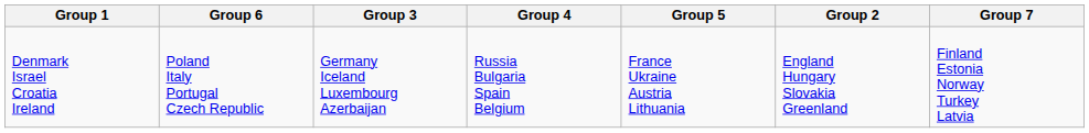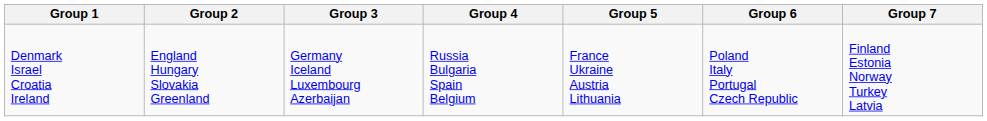 <table class="wikitable" width=98%>
 <tr>
 <th width=12%>Group 1</th>
-<th width=12%>Group 6</th>
+<th width=12%>Group 2</th>
 <th width=12%>Group 3</th>
 <th width=12%>Group 4</th>
 <th width=12%>Group 5</th>
-<th width=12%>Group 2</th>
+<th width=12%>Group 6</th>
 <th width=12%>Group 7</th>
 </tr>
 <tr>
 <td><br> <a href='#'>Denmark</a> <br>  <a href='#'>Israel</a> <br>  <a href='#'>Croatia</a> <br>  <a href='#'>Ireland</a> <br></td>
-<td><br> <a href='#'>Poland</a> <br>  <a href='#'>Italy</a> <br>  <a href='#'>Portugal</a> <br>  <a href='#'>Czech Republic</a> <br></td>
+<td><br> <a href='#'>England</a> <br>  <a href='#'>Hungary</a> <br>  <a href='#'>Slovakia</a> <br>  <a href='#'>Greenland</a> <br></td>
 <td><br> <a href='#'>Germany</a> <br>  <a href='#'>Iceland</a> <br>  <a href='#'>Luxembourg</a> <br>  <a href='#'>Azerbaijan</a> <br></td>
 <td><br> <a href='#'>Russia</a> <br>  <a href='#'>Bulgaria</a> <br>  <a href='#'>Spain</a> <br>  <a href='#'>Belgium</a> <br></td>
 <td><br> <a href='#'>France</a> <br>  <a href='#'>Ukraine</a> <br>  <a href='#'>Austria</a> <br>  <a href='#'>Lithuania</a> <br></td>
-<td><br> <a href='#'>England</a> <br>  <a href='#'>Hungary</a> <br>  <a href='#'>Slovakia</a> <br>  <a href='#'>Greenland</a> <br></td>
+<td><br> <a href='#'>Poland</a> <br>  <a href='#'>Italy</a> <br>  <a href='#'>Portugal</a> <br>  <a href='#'>Czech Republic</a> <br></td>
 <td><br> <a href='#'>Finland</a> <br>  <a href='#'>Estonia</a> <br>  <a href='#'>Norway</a> <br>  <a href='#'>Turkey</a> <br>  <a href='#'>Latvia</a> <br></td>
 </tr>
 </table>
